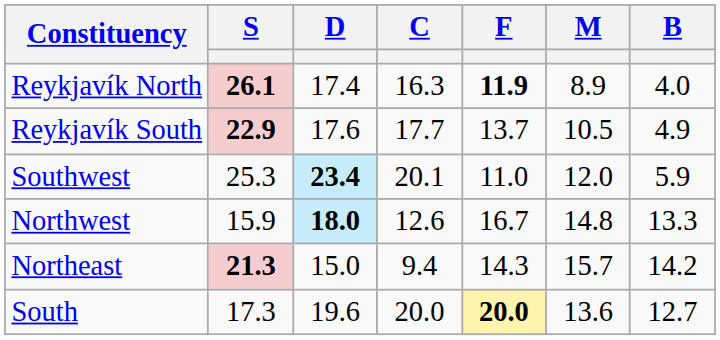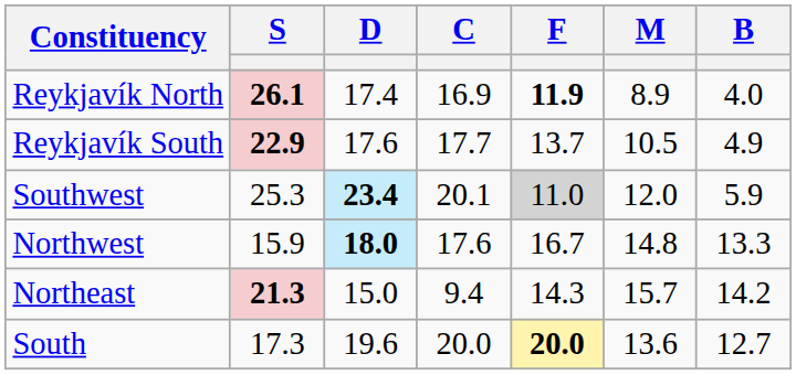 <table class="wikitable sortable" style="text-align:center;">
 <tr>
 <th rowspan=2><a href='#'>Constituency</a></th>
 <th style="width:40px;"><a href='#'>S</a></th>
 <th style="width:40px;"><a href='#'>D</a></th>
 <th style="width:40px;"><a href='#'>C</a></th>
 <th style="width:40px;"><a href='#'>F</a></th>
 <th style="width:40px;"><a href='#'>M</a></th>
 <th style="width:40px;"><a href='#'>B</a></th>
 </tr>
 <tr>
 <th style="background:"></th>
 <th style="background:"></th>
 <th style="background:"></th>
 <th style="background:"></th>
 <th style="background:"></th>
 <th style="background:"></th>
 </tr>
 <tr>
 <td align=left><a href='#'>Reykjavík North</a></td>
 <th style="background:#F6CDCF;">26.1</th>
 <td>17.4</td>
-<td>16.3</td>
+<td>16.9</td>
 <td><strong>11.9</strong></td>
 <td>8.9</td>
 <td>4.0</td>
 </tr>
 <tr>
 <td align=left><a href='#'>Reykjavík South</a></td>
 <th style="background:#F6CDCF;">22.9</th>
 <td>17.6</td>
 <td>17.7</td>
 <td>13.7</td>
 <td>10.5</td>
 <td>4.9</td>
 </tr>
 <tr>
 <td align=left><a href='#'>Southwest</a></td>
 <td>25.3</td>
 <th style="background:#C6ECFB;">23.4</th>
 <td>20.1</td>
-<td>11.0</td>
+<td style="background: lightgrey;">11.0</td>
 <td>12.0</td>
 <td>5.9</td>
 </tr>
 <tr>
 <td align=left><a href='#'>Northwest</a></td>
 <td>15.9</td>
 <th style="background:#C6ECFB;">18.0</th>
-<td>12.6</td>
+<td>17.6</td>
 <td>16.7</td>
 <td>14.8</td>
 <td>13.3</td>
 </tr>
 <tr>
 <td align=left><a href='#'>Northeast</a></td>
 <th style="background:#F6CDCF;">21.3</th>
 <td>15.0</td>
 <td>9.4</td>
 <td>14.3</td>
 <td>15.7</td>
 <td>14.2</td>
 </tr>
 <tr>
 <td align=left><a href='#'>South</a></td>
 <td>17.3</td>
 <td>19.6</td>
 <td>20.0</td>
 <th style="background:#FEF4AE;">20.0</th>
 <td>13.6</td>
 <td>12.7</td>
 </tr>
 </table>
